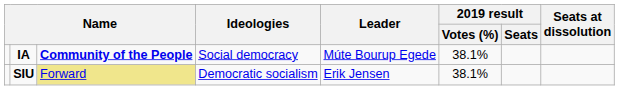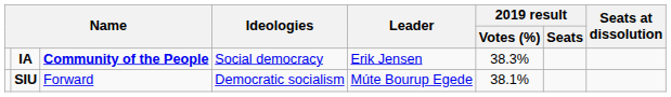 <table class="wikitable">
 <tr>
 <th rowspan="2" colspan="3">Name</th>
 <th rowspan="2">Ideologies</th>
 <th rowspan="2">Leader</th>
 <th colspan="2">2019 result</th>
 <th rowspan="2">Seats at<br>dissolution</th>
 </tr>
 <tr>
 <th>Votes (%)</th>
 <th>Seats</th>
 </tr>
 <tr>
 <td style="background:"></td>
 <td style="text-align:center;"><strong>IA</strong></td>
 <td><strong><a href='#'>Community of the People</a><br></strong></td>
 <td><a href='#'>Social democracy</a></td>
-<td><a href='#'>Múte Bourup Egede</a></td>
-<td style="text-align:center;">38.1%</td>
+<td><a href='#'>Erik Jensen</a></td>
+<td style="text-align:center;">38.3%</td>
 <td></td>
 <td></td>
 </tr>
 <tr>
 <td style="background:"></td>
 <td style="text-align:center;"><strong>SIU</strong></td>
-<td style="background: khaki;"><a href='#'>Forward</a><br></td>
+<td><a href='#'>Forward</a><br></td>
 <td><a href='#'>Democratic socialism</a></td>
-<td><a href='#'>Erik Jensen</a></td>
+<td><a href='#'>Múte Bourup Egede</a></td>
 <td style="text-align:center;">38.1%</td>
 <td></td>
 <td></td>
 </tr>
 </table>
